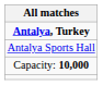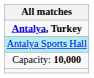 <table class="wikitable" style="text-align: center;">
 <tr>
 <th>All matches</th>
 </tr>
 <tr>
 <td><strong><a href='#'>Antalya</a>, Turkey</strong></td>
 </tr>
 <tr>
-<td><a href='#'>Antalya Sports Hall</a></td>
+<td style="background: paleturquoise;"><a href='#'>Antalya Sports Hall</a></td>
 </tr>
 <tr>
 <td>Capacity: <strong>10,000</strong></td>
 </tr>
 <tr>
 <td></td>
 </tr>
 </table>
